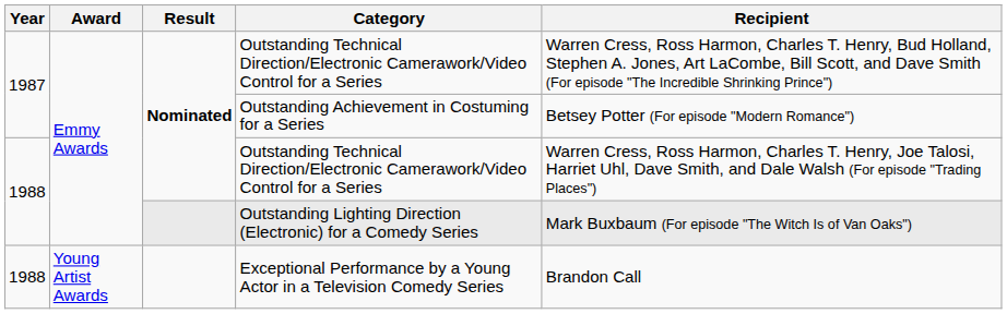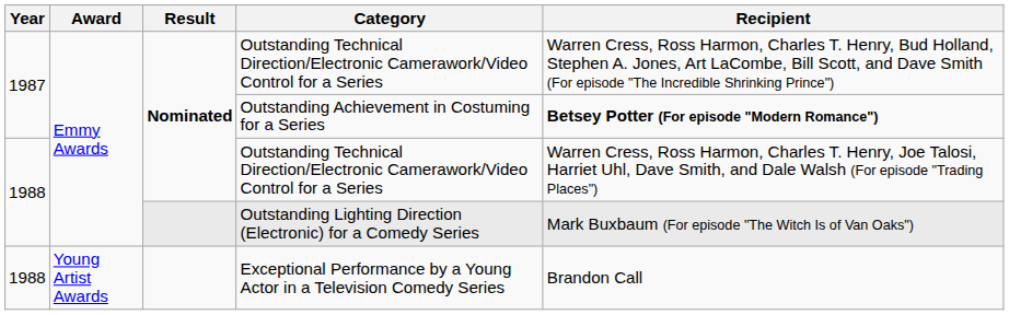 <table class="wikitable" style="font-size: 90%;">
 <tr>
 <th>Year</th>
 <th>Award</th>
 <th>Result</th>
 <th>Category</th>
 <th>Recipient</th>
 </tr>
 <tr>
 <td rowspan=2>1987</td>
 <td rowspan=4><a href='#'>Emmy Awards</a></td>
 <td rowspan=3><strong>Nominated</strong></td>
 <td>Outstanding Technical Direction/Electronic Camerawork/Video Control for a Series</td>
 <td>Warren Cress, Ross Harmon, Charles T. Henry, Bud Holland, Stephen A. Jones, Art LaCombe, Bill Scott, and Dave Smith <small>(For episode "The Incredible Shrinking Prince")</small></td>
 </tr>
 <tr>
 <td>Outstanding Achievement in Costuming for a Series</td>
-<td>Betsey Potter <small>(For episode "Modern Romance")</small></td>
+<td><strong>Betsey Potter <small>(For episode "Modern Romance")</small></strong></td>
 </tr>
 <tr>
 <td rowspan=2>1988</td>
 <td>Outstanding Technical Direction/Electronic Camerawork/Video Control for a Series</td>
 <td>Warren Cress, Ross Harmon, Charles T. Henry, Joe Talosi, Harriet Uhl, Dave Smith, and Dale Walsh <small>(For episode "Trading Places")</small></td>
 </tr>
 <tr style="background: #EAEAEA;">
 <td></td>
 <td>Outstanding Lighting Direction (Electronic) for a Comedy Series</td>
 <td>Mark Buxbaum <small>(For episode "The Witch Is of Van Oaks")</small></td>
 </tr>
 <tr>
 <td>1988</td>
 <td><a href='#'>Young Artist Awards</a></td>
 <td></td>
 <td>Exceptional Performance by a Young Actor in a Television Comedy Series</td>
 <td>Brandon Call</td>
 </tr>
 </table>
